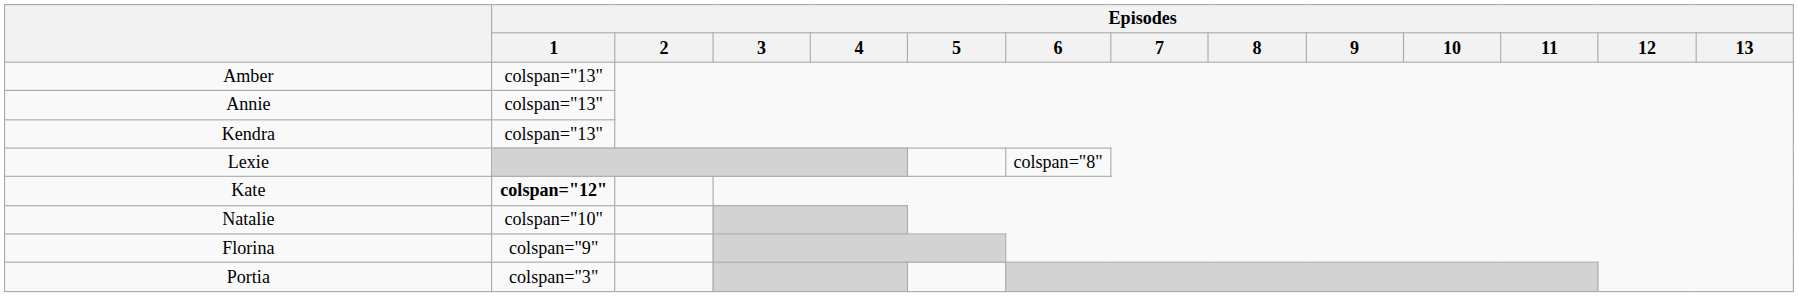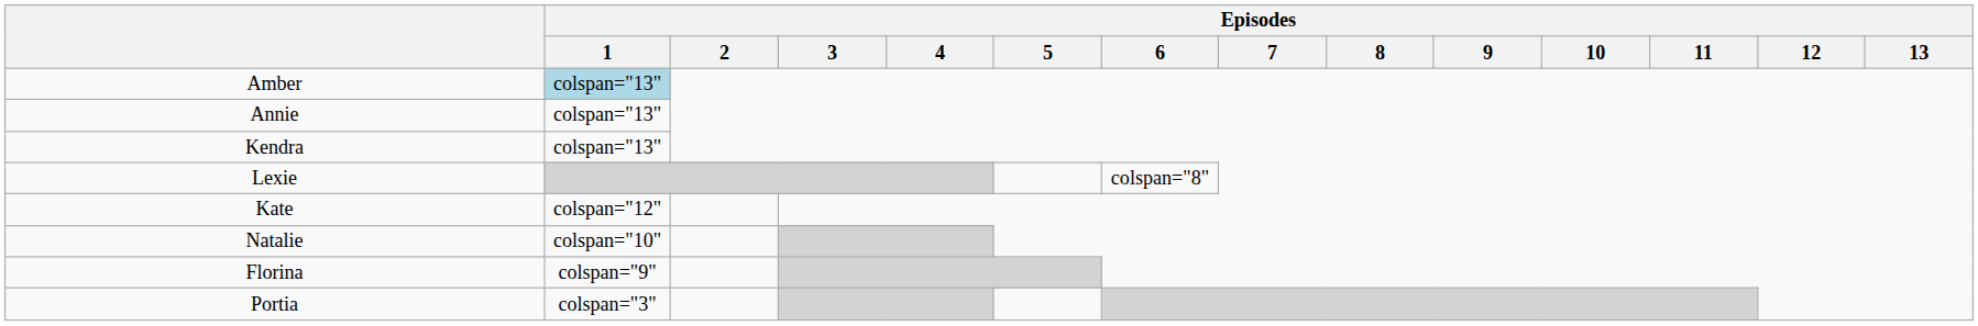 <table class="wikitable plainrowheaders" style="text-align:center; width:100%;">
 <tr>
 <th scope="col" rowspan="2" style="width:25%;"></th>
 <th scope="col" colspan="13">Episodes</th>
 </tr>
 <tr>
 <th scope="col" style="width:5%;">1</th>
 <th scope="col" style="width:5%;">2</th>
 <th scope="col" style="width:5%;">3</th>
 <th scope="col" style="width:5%;">4</th>
 <th scope="col" style="width:5%;">5</th>
 <th scope="col" style="width:5%;">6</th>
 <th scope="col" style="width:5%;">7</th>
 <th scope="col" style="width:5%;">8</th>
 <th scope="col" style="width:5%;">9</th>
 <th scope="col" style="width:5%;">10</th>
 <th scope="col" style="width:5%;">11</th>
 <th scope="col" style="width:5%;">12</th>
 <th scope="col" style="width:5%;">13</th>
 </tr>
 <tr>
 <td scope="row">Amber</td>
-<td>colspan="13" </td>
+<td style="background: lightblue;">colspan="13" </td>
 </tr>
 <tr>
 <td scope="row">Annie</td>
 <td>colspan="13" </td>
 </tr>
 <tr>
 <td scope="row">Kendra</td>
 <td>colspan="13" </td>
 </tr>
 <tr>
 <td scope="row">Lexie</td>
 <td colspan="4" style="background:lightgray;"></td>
 <td></td>
 <td>colspan="8" </td>
 </tr>
 <tr>
 <td scope="row">Kate</td>
-<td><strong>colspan="12" </strong></td>
+<td>colspan="12" </td>
 <td></td>
 </tr>
 <tr>
 <td scope="row">Natalie</td>
 <td>colspan="10" </td>
 <td></td>
 <td colspan="2" style="background:lightgray;"></td>
 </tr>
 <tr>
 <td scope="row">Florina</td>
 <td>colspan="9" </td>
 <td></td>
 <td colspan="3" style="background:lightgray;"></td>
 </tr>
 <tr>
 <td scope="row">Portia</td>
 <td>colspan="3" </td>
 <td></td>
 <td colspan="2" style="background:lightgray;"></td>
 <td></td>
 <td colspan="6" style="background:lightgray;"></td>
 </tr>
 </table>
